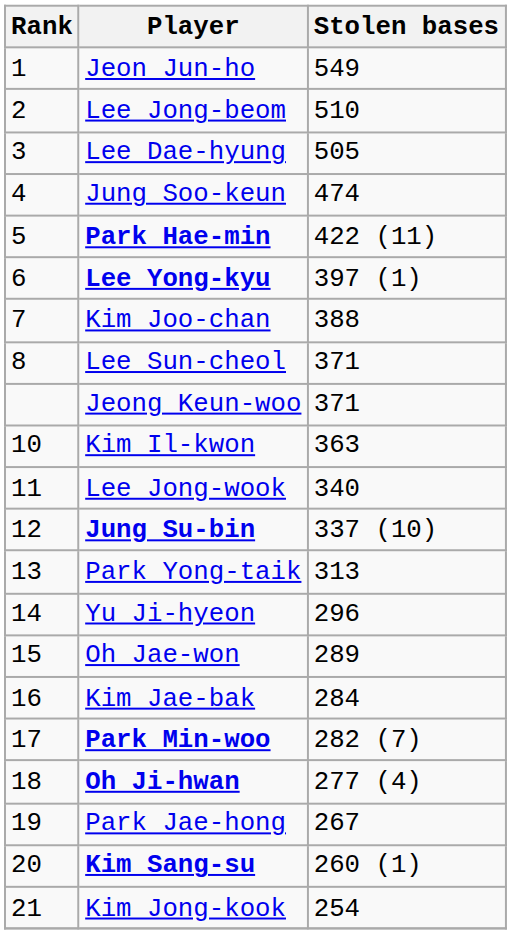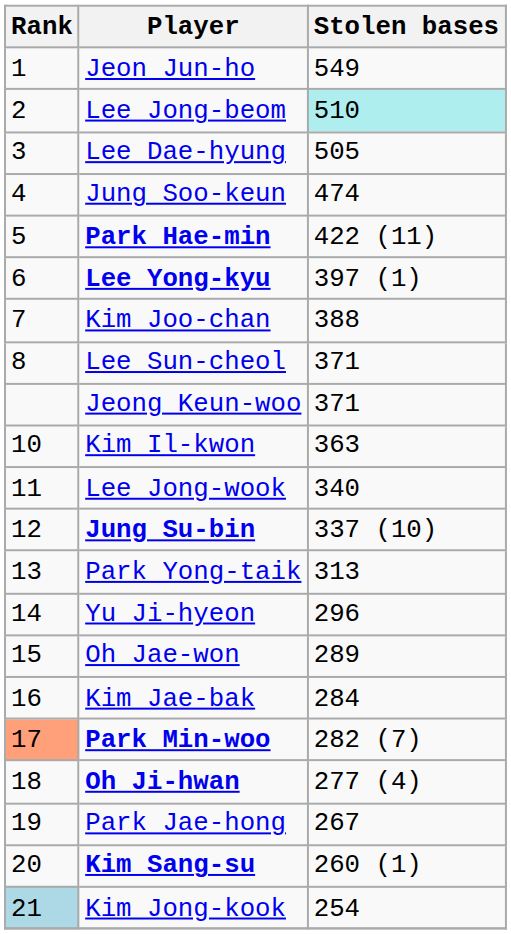 <table class="wikitable" style="float:left;">
 <tr>
 <th>Rank</th>
 <th>Player</th>
 <th>Stolen bases</th>
 </tr>
 <tr>
 <td>1</td>
 <td><a href='#'>Jeon Jun-ho</a></td>
 <td>549</td>
 </tr>
 <tr>
 <td>2</td>
 <td><a href='#'>Lee Jong-beom</a></td>
-<td>510</td>
+<td style="background: paleturquoise;">510</td>
 </tr>
 <tr>
 <td>3</td>
 <td><a href='#'>Lee Dae-hyung</a></td>
 <td>505</td>
 </tr>
 <tr>
 <td>4</td>
 <td><a href='#'>Jung Soo-keun</a></td>
 <td>474</td>
 </tr>
 <tr>
 <td>5</td>
 <td><strong><a href='#'>Park Hae-min</a></strong></td>
 <td>422 (11)</td>
 </tr>
 <tr>
 <td>6</td>
 <td><strong><a href='#'>Lee Yong-kyu</a></strong></td>
 <td>397 (1)</td>
 </tr>
 <tr>
 <td>7</td>
 <td><a href='#'>Kim Joo-chan</a></td>
 <td>388</td>
 </tr>
 <tr>
 <td>8</td>
 <td><a href='#'>Lee Sun-cheol</a></td>
 <td>371</td>
 </tr>
 <tr>
 <td></td>
 <td><a href='#'>Jeong Keun-woo</a></td>
 <td>371</td>
 </tr>
 <tr>
 <td>10</td>
 <td><a href='#'>Kim Il-kwon</a></td>
 <td>363</td>
 </tr>
 <tr>
 <td>11</td>
 <td><a href='#'>Lee Jong-wook</a></td>
 <td>340</td>
 </tr>
 <tr>
 <td>12</td>
 <td><strong><a href='#'>Jung Su-bin</a></strong></td>
 <td>337 (10)</td>
 </tr>
 <tr>
 <td>13</td>
 <td><a href='#'>Park Yong-taik</a></td>
 <td>313</td>
 </tr>
 <tr>
 <td>14</td>
 <td><a href='#'>Yu Ji-hyeon</a></td>
 <td>296</td>
 </tr>
 <tr>
 <td>15</td>
 <td><a href='#'>Oh Jae-won</a></td>
 <td>289</td>
 </tr>
 <tr>
 <td>16</td>
 <td><a href='#'>Kim Jae-bak</a></td>
 <td>284</td>
 </tr>
 <tr>
-<td>17</td>
+<td style="background: lightsalmon;">17</td>
 <td><strong><a href='#'>Park Min-woo</a></strong></td>
 <td>282 (7)</td>
 </tr>
 <tr>
 <td>18</td>
 <td><strong><a href='#'>Oh Ji-hwan</a></strong></td>
 <td>277 (4)</td>
 </tr>
 <tr>
 <td>19</td>
 <td><a href='#'>Park Jae-hong</a></td>
 <td>267</td>
 </tr>
 <tr>
 <td>20</td>
 <td><strong><a href='#'>Kim Sang-su</a></strong></td>
 <td>260 (1)</td>
 </tr>
 <tr>
-<td>21</td>
+<td style="background: lightblue;">21</td>
 <td><a href='#'>Kim Jong-kook</a></td>
 <td>254</td>
 </tr>
 <tr>
 </tr>
 </table>
